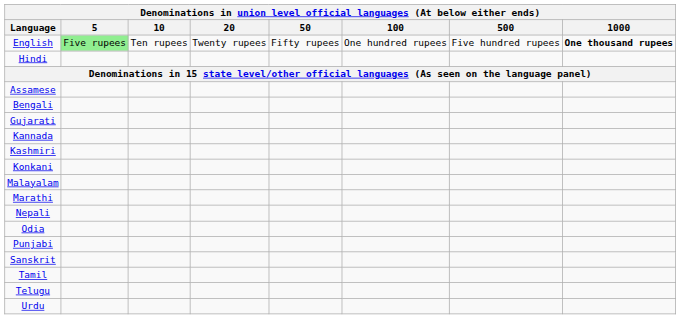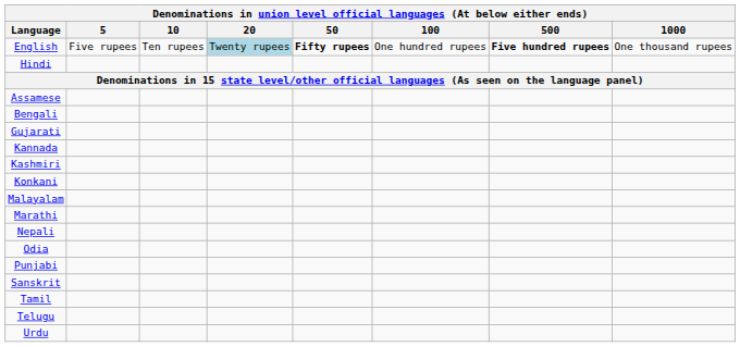 <table class="wikitable" style="text-align:center; margin:1em auto 1em auto;">
 <tr>
 <th colspan="9">Denominations in <a href='#'>union level official languages</a> (At below either ends)</th>
 </tr>
 <tr>
 <th>Language</th>
 <th>5</th>
 <th>10</th>
 <th>20</th>
 <th>50</th>
 <th>100</th>
 <th>500</th>
 <th>1000</th>
 </tr>
 <tr>
 <td><a href='#'>English</a></td>
-<td style="background: lightgreen;">Five rupees</td>
+<td>Five rupees</td>
 <td>Ten rupees</td>
-<td>Twenty rupees</td>
-<td>Fifty rupees</td>
+<td style="background: lightblue;">Twenty rupees</td>
+<td><strong>Fifty rupees</strong></td>
 <td>One hundred rupees</td>
-<td>Five hundred rupees</td>
-<td><strong>One thousand rupees</strong></td>
+<td><strong>Five hundred rupees</strong></td>
+<td>One thousand rupees</td>
 </tr>
 <tr>
 <td><a href='#'>Hindi</a></td>
 <td></td>
 <td></td>
 <td></td>
 <td></td>
 <td></td>
 <td></td>
 <td></td>
 </tr>
 <tr>
 <th colspan="9">Denominations in 15 <a href='#'>state level/other official languages</a> (As seen on the language panel)</th>
 </tr>
 <tr>
 <td><a href='#'>Assamese</a></td>
 <td></td>
 <td></td>
 <td></td>
 <td></td>
 <td></td>
 <td></td>
 <td></td>
 </tr>
 <tr>
 <td><a href='#'>Bengali</a></td>
 <td></td>
 <td></td>
 <td></td>
 <td></td>
 <td></td>
 <td></td>
 <td></td>
 </tr>
 <tr>
 <td><a href='#'>Gujarati</a></td>
 <td></td>
 <td></td>
 <td></td>
 <td></td>
 <td></td>
 <td></td>
 <td></td>
 </tr>
 <tr>
 <td><a href='#'>Kannada</a></td>
 <td></td>
 <td></td>
 <td></td>
 <td></td>
 <td></td>
 <td></td>
 <td></td>
 </tr>
 <tr>
 <td><a href='#'>Kashmiri</a></td>
 <td></td>
 <td></td>
 <td></td>
 <td></td>
 <td></td>
 <td></td>
 <td></td>
 </tr>
 <tr>
 <td><a href='#'>Konkani</a></td>
 <td></td>
 <td></td>
 <td></td>
 <td></td>
 <td></td>
 <td></td>
 <td></td>
 </tr>
 <tr>
 <td><a href='#'>Malayalam</a></td>
 <td></td>
 <td></td>
 <td></td>
 <td></td>
 <td></td>
 <td></td>
 <td></td>
 </tr>
 <tr>
 <td><a href='#'>Marathi</a></td>
 <td></td>
 <td></td>
 <td></td>
 <td></td>
 <td></td>
 <td></td>
 <td></td>
 </tr>
 <tr>
 <td><a href='#'>Nepali</a></td>
 <td></td>
 <td></td>
 <td></td>
 <td></td>
 <td></td>
 <td></td>
 <td></td>
 </tr>
 <tr>
 <td><a href='#'>Odia</a></td>
 <td></td>
 <td></td>
 <td></td>
 <td></td>
 <td></td>
 <td></td>
 <td></td>
 </tr>
 <tr>
 <td><a href='#'>Punjabi</a></td>
 <td></td>
 <td></td>
 <td></td>
 <td></td>
 <td></td>
 <td></td>
 <td></td>
 </tr>
 <tr>
 <td><a href='#'>Sanskrit</a></td>
 <td></td>
 <td></td>
 <td></td>
 <td></td>
 <td></td>
 <td></td>
 <td></td>
 </tr>
 <tr>
 <td><a href='#'>Tamil</a></td>
 <td></td>
 <td></td>
 <td></td>
 <td></td>
 <td></td>
 <td></td>
 <td></td>
 </tr>
 <tr>
 <td><a href='#'>Telugu</a></td>
 <td></td>
 <td></td>
 <td></td>
 <td></td>
 <td></td>
 <td></td>
 <td></td>
 </tr>
 <tr>
 <td><a href='#'>Urdu</a></td>
 <td></td>
 <td></td>
 <td></td>
 <td></td>
 <td></td>
 <td></td>
 <td></td>
 </tr>
 </table>
